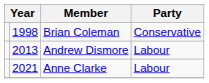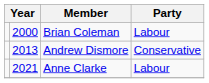 <table class="wikitable">
 <tr>
 <th colspan="2">Year</th>
 <th>Member</th>
 <th>Party</th>
 </tr>
 <tr>
 <td style="background-color: "></td>
-<td><a href='#'>1998</a></td>
+<td><a href='#'>2000</a></td>
 <td><a href='#'>Brian Coleman</a></td>
-<td><a href='#'>Conservative</a></td>
+<td><a href='#'>Labour</a></td>
 </tr>
 <tr>
 <td style="background-color: "></td>
 <td><a href='#'>2013</a></td>
 <td><a href='#'>Andrew Dismore</a></td>
-<td><a href='#'>Labour</a></td>
+<td><a href='#'>Conservative</a></td>
 </tr>
 <tr>
 <td style="background-color: "></td>
 <td><a href='#'>2021</a></td>
 <td><a href='#'>Anne Clarke</a></td>
 <td><a href='#'>Labour</a></td>
 </tr>
 <tr>
 </tr>
 </table>
